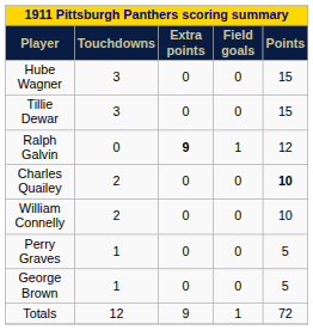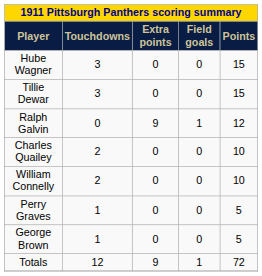 <table class="wikitable" width="30%">
 <tr>
 <th colspan="10" style="background:gold; color:darkblue; text-align: center;"><strong>1911 Pittsburgh Panthers scoring summary</strong></th>
 </tr>
 <tr align="center"  style="background:#091C44;color:#CEC499;">
 <td><strong>Player</strong></td>
 <td><strong>Touchdowns</strong></td>
 <td><strong>Extra points</strong></td>
 <td><strong>Field goals</strong></td>
 <td><strong>Points</strong></td>
 </tr>
 <tr align="center" bgcolor="">
 <td>Hube Wagner</td>
 <td>3</td>
 <td>0</td>
 <td>0</td>
 <td>15</td>
 </tr>
 <tr align="center" bgcolor="">
 <td>Tillie Dewar</td>
 <td>3</td>
 <td>0</td>
 <td>0</td>
 <td>15</td>
 </tr>
 <tr align="center" bgcolor="">
 <td>Ralph Galvin</td>
 <td>0</td>
-<td><strong>9</strong></td>
+<td>9</td>
 <td>1</td>
 <td>12</td>
 </tr>
 <tr align="center" bgcolor="">
 <td>Charles Quailey</td>
 <td>2</td>
 <td>0</td>
 <td>0</td>
-<td><strong>10</strong></td>
+<td>10</td>
 </tr>
 <tr align="center" bgcolor="">
 <td>William Connelly</td>
 <td>2</td>
 <td>0</td>
 <td>0</td>
 <td>10</td>
 </tr>
 <tr align="center" bgcolor="">
 <td>Perry Graves</td>
 <td>1</td>
 <td>0</td>
 <td>0</td>
 <td>5</td>
 </tr>
 <tr align="center" bgcolor="">
 <td>George Brown</td>
 <td>1</td>
 <td>0</td>
 <td>0</td>
 <td>5</td>
 </tr>
 <tr align="center" bgcolor="">
 <td>Totals</td>
 <td>12</td>
 <td>9</td>
 <td>1</td>
 <td>72</td>
 </tr>
 <tr align="center" bgcolor="">
 </tr>
 </table>
